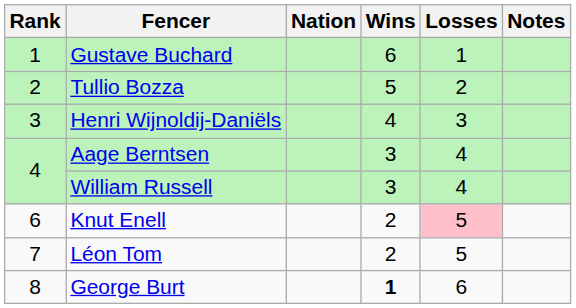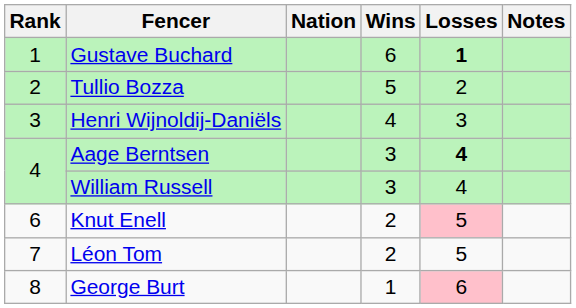 <table class="wikitable sortable" style="text-align:center">
 <tr>
 <th>Rank</th>
 <th>Fencer</th>
 <th>Nation</th>
 <th>Wins</th>
 <th>Losses</th>
 <th>Notes</th>
 </tr>
 <tr bgcolor=bbf3bb>
 <td>1</td>
 <td align=left><a href='#'>Gustave Buchard</a></td>
 <td align=left></td>
 <td>6</td>
-<td>1</td>
+<td><strong>1</strong></td>
 <td></td>
 </tr>
 <tr bgcolor=bbf3bb>
 <td>2</td>
 <td align=left><a href='#'>Tullio Bozza</a></td>
 <td align=left></td>
 <td>5</td>
 <td>2</td>
 <td></td>
 </tr>
 <tr bgcolor=bbf3bb>
 <td>3</td>
 <td align=left><a href='#'>Henri Wijnoldij-Daniëls</a></td>
 <td align=left></td>
 <td>4</td>
 <td>3</td>
 <td></td>
 </tr>
 <tr bgcolor=bbf3bb>
 <td rowspan=2>4</td>
 <td align=left><a href='#'>Aage Berntsen</a></td>
 <td align=left></td>
 <td>3</td>
-<td>4</td>
+<td><strong>4</strong></td>
 <td></td>
 </tr>
 <tr bgcolor=bbf3bb>
 <td align=left><a href='#'>William Russell</a></td>
 <td align=left></td>
 <td>3</td>
 <td>4</td>
 <td></td>
 </tr>
 <tr>
 <td>6</td>
 <td align=left><a href='#'>Knut Enell</a></td>
 <td align=left></td>
 <td>2</td>
 <td style="background: pink;">5</td>
 <td></td>
 </tr>
 <tr>
 <td>7</td>
 <td align=left><a href='#'>Léon Tom</a></td>
 <td align=left></td>
 <td>2</td>
 <td>5</td>
 <td></td>
 </tr>
 <tr>
 <td>8</td>
 <td align=left><a href='#'>George Burt</a></td>
 <td align=left></td>
-<td><strong>1</strong></td>
-<td>6</td>
+<td>1</td>
+<td style="background: pink;">6</td>
 <td></td>
 </tr>
 </table>
